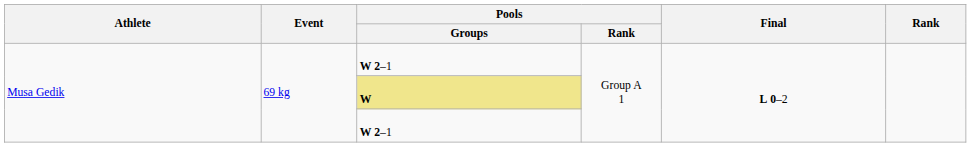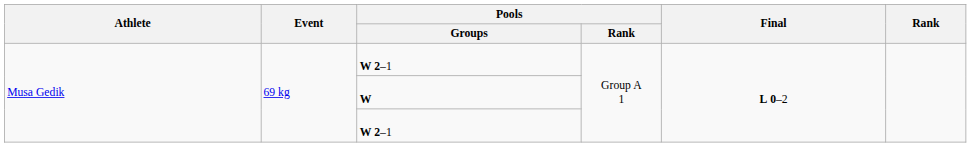 <table class="wikitable" width="75%" style="text-align:left; font-size:90%">
 <tr>
 <th rowspan="2" width="16%">Athlete</th>
 <th rowspan="2" width="6%">Event</th>
 <th colspan="2">Pools</th>
 <th rowspan="2" width="14%">Final</th>
 <th rowspan="2" width="5%">Rank</th>
 </tr>
 <tr>
 <th width="14%">Groups</th>
 <th width="5%">Rank</th>
 </tr>
 <tr>
 <td rowspan="3"><a href='#'>Musa Gedik</a></td>
 <td rowspan="3"><a href='#'>69 kg</a></td>
 <td><br><strong>W</strong> <strong>2</strong>–1</td>
 <td rowspan="3" align=center>Group A<br>1 <strong></strong></td>
 <td align=center rowspan="3"><br><strong>L</strong> <strong>0</strong>–2</td>
 <td rowspan="3" align="center"></td>
 </tr>
 <tr>
-<td style="background: khaki;"><br><strong>W</strong> </td>
+<td><br><strong>W</strong> </td>
 </tr>
 <tr>
 <td><br><strong>W</strong> <strong>2</strong>–1</td>
 </tr>
 </table>
